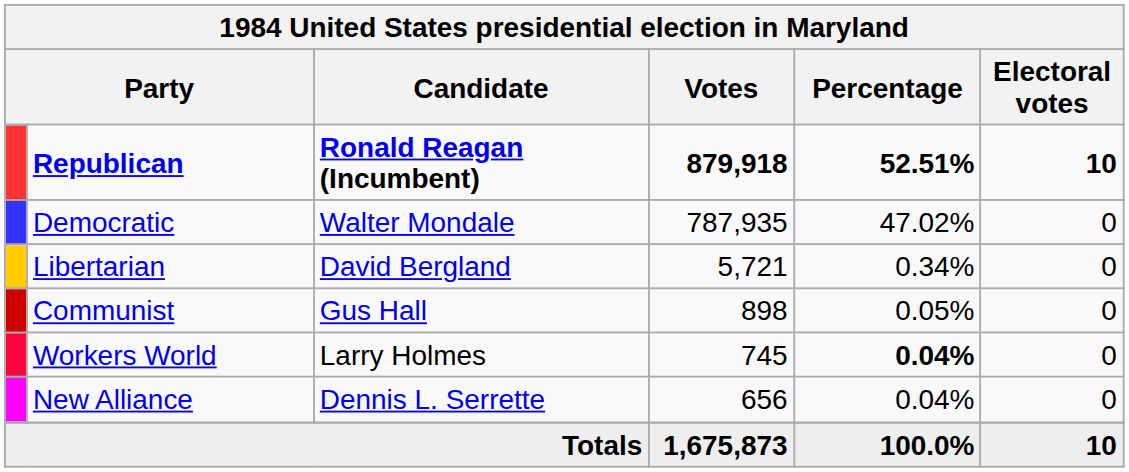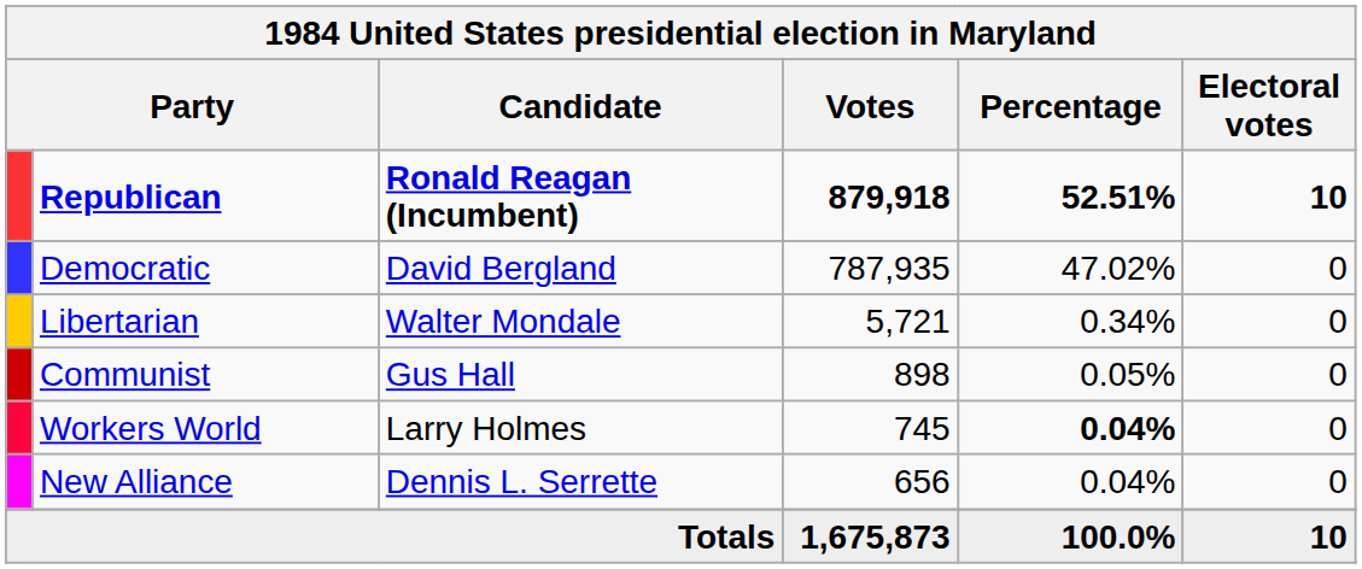 <table class="wikitable" style="font-size: 95%;">
 <tr>
 <th colspan="6">1984 United States presidential election in Maryland</th>
 </tr>
 <tr>
 <th colspan="2" style="width: 15em">Party</th>
 <th style="width: 17em">Candidate</th>
 <th style="width: 5em">Votes</th>
 <th style="width: 7em">Percentage</th>
 <th style="width: 5em">Electoral votes</th>
 </tr>
 <tr>
 <th style="background-color:#FF3333; width: 3px"></th>
 <td style="width: 130px"><strong><a href='#'>Republican</a></strong></td>
 <td><strong><a href='#'>Ronald Reagan</a></strong> <strong>(Incumbent)</strong></td>
 <td align="right"><strong>879,918</strong></td>
 <td align="right"><strong>52.51%</strong></td>
 <td align="right"><strong>10</strong></td>
 </tr>
 <tr>
 <th style="background-color:#3333FF; width: 3px"></th>
 <td style="width: 130px"><a href='#'>Democratic</a></td>
-<td><a href='#'>Walter Mondale</a></td>
+<td><a href='#'>David Bergland</a></td>
 <td align="right">787,935</td>
 <td align="right">47.02%</td>
 <td align="right">0</td>
 </tr>
 <tr>
 <th style="background-color:#FFCC00; width: 3px"></th>
 <td style="width: 130px"><a href='#'>Libertarian</a></td>
-<td><a href='#'>David Bergland</a></td>
+<td><a href='#'>Walter Mondale</a></td>
 <td align="right">5,721</td>
 <td align="right">0.34%</td>
 <td align="right">0</td>
 </tr>
 <tr>
 <th style="background-color:#c00; width: 3px"></th>
 <td style="width: 130px"><a href='#'>Communist</a></td>
 <td><a href='#'>Gus Hall</a></td>
 <td align="right">898</td>
 <td align="right">0.05%</td>
 <td align="right">0</td>
 </tr>
 <tr>
 <th style="background-color:#FF033E; width: 3px"></th>
 <td style="width: 130px"><a href='#'>Workers World</a></td>
 <td>Larry Holmes</td>
 <td align="right">745</td>
 <td align="right"><strong>0.04%</strong></td>
 <td align="right">0</td>
 </tr>
 <tr>
 <th style="background-color:#FF00FF; width: 3px"></th>
 <td style="width: 130px"><a href='#'>New Alliance</a></td>
 <td><a href='#'>Dennis L. Serrette</a></td>
 <td align="right">656</td>
 <td align="right">0.04%</td>
 <td align="right">0</td>
 </tr>
 <tr>
 </tr>
 <tr bgcolor="#EEEEEE">
 <td colspan="3" align="right"><strong>Totals</strong></td>
 <td align="right"><strong>1,675,873</strong></td>
 <td align="right"><strong>100.0%</strong></td>
 <td align="right"><strong>10</strong></td>
 </tr>
 </table>
